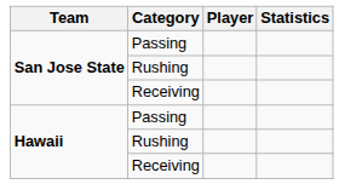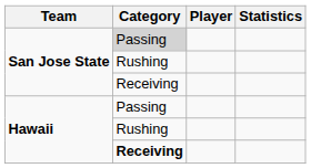 <table class="wikitable" style="float: right;">
 <tr>
 <th>Team</th>
 <th>Category</th>
 <th>Player</th>
 <th>Statistics</th>
 </tr>
 <tr>
 <td rowspan=3><strong>San Jose State</strong></td>
-<td>Passing</td>
+<td style="background: lightgrey;">Passing</td>
 <td></td>
 <td></td>
 </tr>
 <tr>
 <td>Rushing</td>
 <td></td>
 <td></td>
 </tr>
 <tr>
 <td>Receiving</td>
 <td></td>
 <td></td>
 </tr>
 <tr>
 <td rowspan=3><strong>Hawaii</strong></td>
 <td>Passing</td>
 <td></td>
 <td></td>
 </tr>
 <tr>
 <td>Rushing</td>
 <td></td>
 <td></td>
 </tr>
 <tr>
-<td>Receiving</td>
+<td><strong>Receiving</strong></td>
 <td></td>
 <td></td>
 </tr>
 </table>
